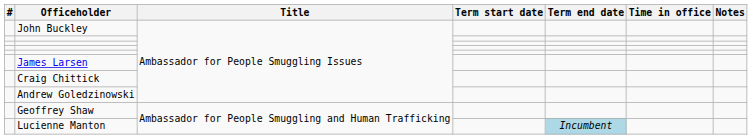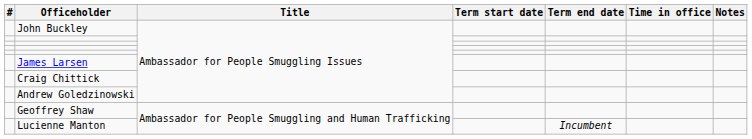 <table class='wikitable sortable'>
 <tr>
 <th>#</th>
 <th>Officeholder</th>
 <th>Title</th>
 <th>Term start date</th>
 <th>Term end date</th>
 <th>Time in office</th>
 <th>Notes</th>
 </tr>
 <tr>
 <td align=center></td>
 <td>John Buckley</td>
 <td rowspan=8>Ambassador for People Smuggling Issues</td>
 <td align=center></td>
 <td align=center></td>
 <td align=right></td>
 <td></td>
 </tr>
 <tr>
 <td align=center></td>
 <td></td>
 <td align=center></td>
 <td align=center></td>
 <td align=right></td>
 <td></td>
 </tr>
 <tr>
 <td align=center></td>
 <td></td>
 <td align=center></td>
 <td align=center></td>
 <td align=right></td>
 <td></td>
 </tr>
 <tr>
 <td align=center></td>
 <td></td>
 <td align=center></td>
 <td align=center></td>
 <td align=right></td>
 <td></td>
 </tr>
 <tr>
 <td align=center></td>
 <td></td>
 <td align=center></td>
 <td align=center></td>
 <td align=right></td>
 <td></td>
 </tr>
 <tr>
 <td align=center></td>
 <td><a href='#'>James Larsen</a></td>
 <td align="center"></td>
 <td align=center></td>
 <td align=right></td>
 <td></td>
 </tr>
 <tr>
 <td align=center></td>
 <td>Craig Chittick</td>
 <td align=center></td>
 <td align=center></td>
 <td align=right></td>
 <td></td>
 </tr>
 <tr>
 <td align=center></td>
 <td>Andrew Goledzinowski</td>
 <td align=center></td>
 <td align=center></td>
 <td align=right><strong></strong></td>
 <td></td>
 </tr>
 <tr>
 <td align=center></td>
 <td>Geoffrey Shaw</td>
 <td rowspan=2>Ambassador for People Smuggling and Human Trafficking</td>
 <td align=center></td>
 <td align=center></td>
 <td align=right></td>
 <td></td>
 </tr>
 <tr>
 <td align=center></td>
 <td>Lucienne Manton</td>
 <td align=center></td>
-<td align=center style="background: lightblue;"><em>Incumbent</em></td>
+<td align=center><em>Incumbent</em></td>
 <td align=right></td>
 <td></td>
 </tr>
 </table>
